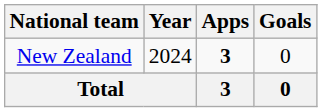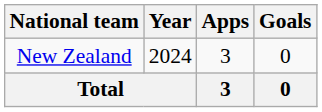 <table class=wikitable style=text-align:center>
 <tr>
 <th>National team</th>
 <th>Year</th>
 <th>Apps</th>
 <th>Goals</th>
 </tr>
 <tr>
 <td rowspan=1><a href='#'>New Zealand</a></td>
 <td>2024</td>
-<td><strong>3</strong></td>
+<td>3</td>
 <td>0</td>
 </tr>
 <tr>
 <th colspan=2>Total</th>
 <th>3</th>
 <th>0</th>
 </tr>
 </table>
